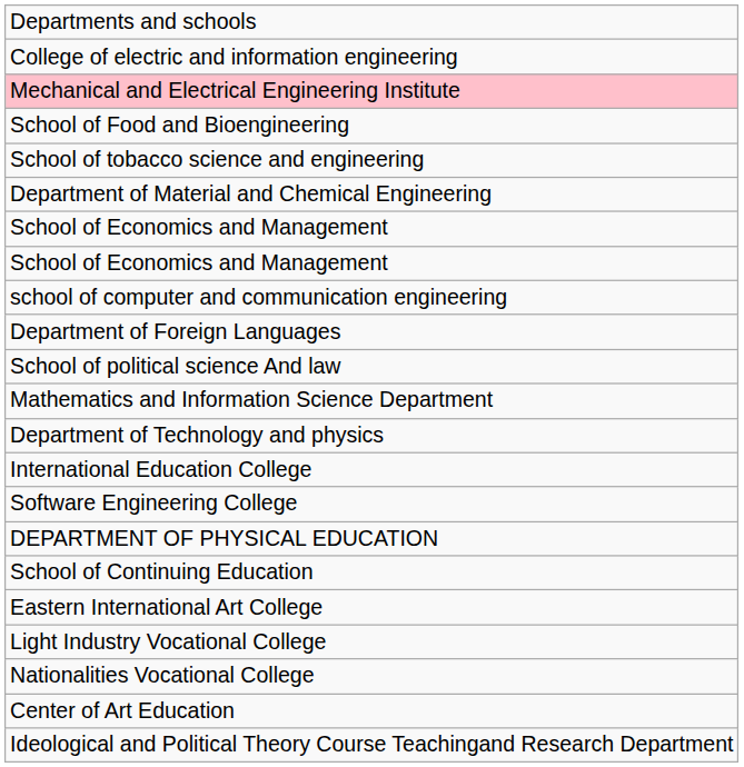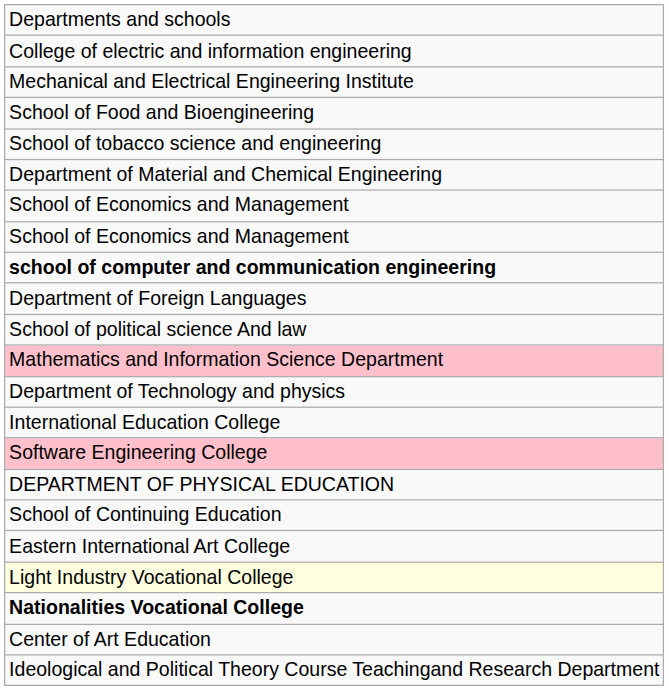 <table class="wikitable">
 <tr>
 <td>Departments and schools</td>
 </tr>
 <tr>
 <td>College of electric and information engineering</td>
 </tr>
 <tr>
-<td style="background: pink;">Mechanical and Electrical Engineering Institute</td>
+<td>Mechanical and Electrical Engineering Institute</td>
 </tr>
 <tr>
 <td>School of Food and Bioengineering</td>
 </tr>
 <tr>
 <td>School of tobacco science and engineering</td>
 </tr>
 <tr>
 <td>Department of Material and Chemical Engineering</td>
 </tr>
 <tr>
 <td>School of Economics and Management</td>
 </tr>
 <tr>
 <td>School of Economics and Management</td>
 </tr>
 <tr>
-<td>school of computer and communication engineering</td>
+<td><strong>school of computer and communication engineering</strong></td>
 </tr>
 <tr>
 <td>Department of Foreign Languages</td>
 </tr>
 <tr>
 <td>School of political science And law</td>
 </tr>
 <tr>
-<td>Mathematics and Information Science Department</td>
+<td style="background: pink;">Mathematics and Information Science Department</td>
 </tr>
 <tr>
 <td>Department of Technology and physics</td>
 </tr>
 <tr>
 <td>International Education College</td>
 </tr>
 <tr>
-<td>Software Engineering College</td>
+<td style="background: pink;">Software Engineering College</td>
 </tr>
 <tr>
 <td>DEPARTMENT OF PHYSICAL EDUCATION</td>
 </tr>
 <tr>
 <td>School of Continuing Education</td>
 </tr>
 <tr>
 <td>Eastern International Art College</td>
 </tr>
 <tr>
-<td>Light Industry Vocational College</td>
+<td style="background: lightyellow;">Light Industry Vocational College</td>
 </tr>
 <tr>
-<td>Nationalities Vocational College</td>
+<td><strong>Nationalities Vocational College</strong></td>
 </tr>
 <tr>
 <td>Center of Art Education</td>
 </tr>
 <tr>
 <td>Ideological and Political Theory Course Teachingand Research Department</td>
 </tr>
 </table>
